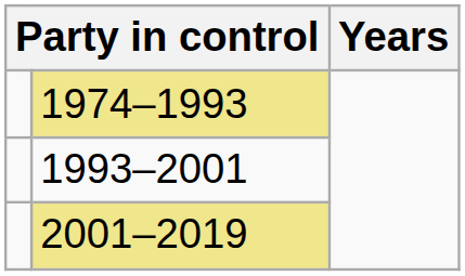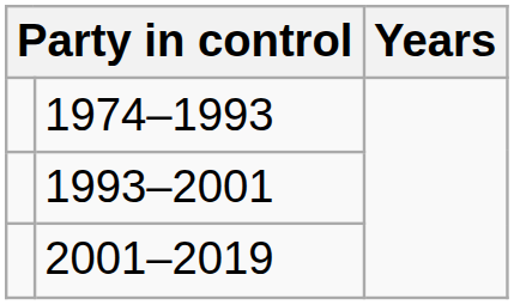 <table class="wikitable">
 <tr>
 <th colspan="2">Party in control</th>
 <th>Years</th>
 </tr>
 <tr>
 <td></td>
-<td style="background: khaki;">1974–1993</td>
+<td>1974–1993</td>
 </tr>
 <tr>
 <td></td>
 <td>1993–2001</td>
 </tr>
 <tr>
 <td></td>
-<td style="background: khaki;">2001–2019</td>
+<td>2001–2019</td>
 </tr>
 </table>
